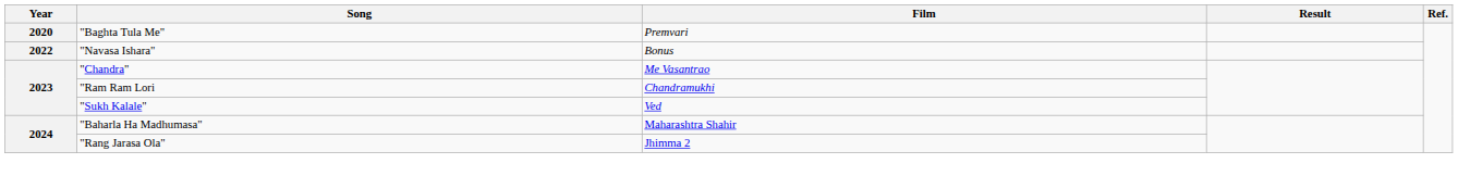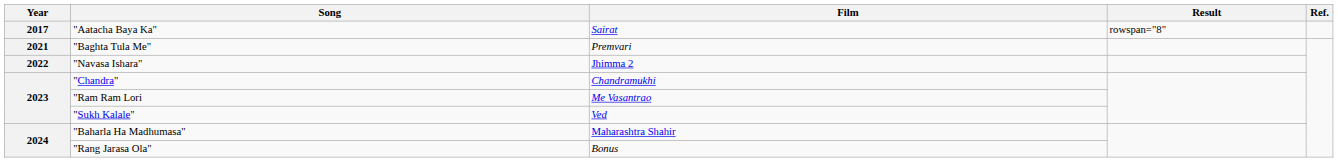 <table class="wikitable plainrowheaders" width="100%" textcolor:#000;">
 <tr>
 <th scope="col" width=5%><strong>Year</strong></th>
 <th scope="col" width=39%><strong>Song</strong></th>
 <th scope="col" width=39%><strong>Film</strong></th>
 <th scope="col" width=15%><strong>Result</strong></th>
 <th scope="col" width=2%><strong>Ref.</strong></th>
 </tr>
 <tr>
-<th scope="row">2020</th>
+<th scope="row" rowspan="1">2017</th>
+<td>"Aatacha Baya Ka"</td>
+<td><em><a href='#'>Sairat</a></em></td>
+<td>rowspan="8" </td>
+<td></td>
+</tr>
+<tr>
+<th scope="row">2021</th>
 <td>"Baghta Tula Me"</td>
 <td><em>Premvari</em></td>
 <td></td>
 </tr>
 <tr>
 <th scope="row">2022</th>
 <td>"Navasa Ishara"</td>
-<td><em>Bonus</em></td>
+<td><a href='#'>Jhimma 2</a></td>
 <td></td>
 </tr>
 <tr>
 <th scope="row" rowspan="3">2023</th>
 <td>"<a href='#'>Chandra</a>"</td>
-<td><em><a href='#'>Me Vasantrao</a></em></td>
+<td><a href='#'><em>Chandramukhi</em></a></td>
 <td rowspan="3"></td>
 </tr>
 <tr>
 <td>"Ram Ram Lori</td>
-<td><a href='#'><em>Chandramukhi</em></a></td>
+<td><em><a href='#'>Me Vasantrao</a></em></td>
 </tr>
 <tr>
 <td>"<a href='#'>Sukh Kalale</a>"</td>
 <td><a href='#'><em>Ved</em></a></td>
 </tr>
 <tr>
 <th scope="row" rowspan="2">2024</th>
 <td>"Baharla Ha Madhumasa"</td>
 <td><a href='#'>Maharashtra Shahir</a></td>
 <td rowspan="2"></td>
 </tr>
 <tr>
 <td>"Rang Jarasa Ola"</td>
-<td><a href='#'>Jhimma 2</a></td>
+<td><em>Bonus</em></td>
 </tr>
 </table>
